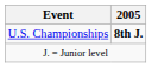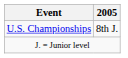 <table class="wikitable" style="text-align:center">
 <tr>
 <th>Event</th>
 <th>2005</th>
 </tr>
 <tr>
 <td align=left><a href='#'>U.S. Championships</a></td>
-<td><strong>8th J.</strong></td>
+<td>8th J.</td>
 </tr>
 <tr>
 <td colspan=2 align=center><small> J. = Junior level </small></td>
 </tr>
 </table>
